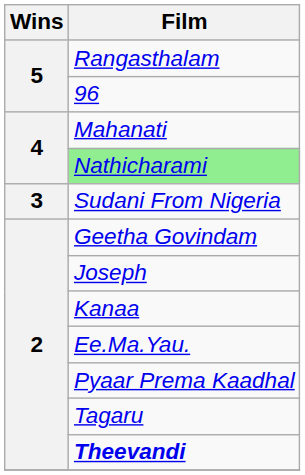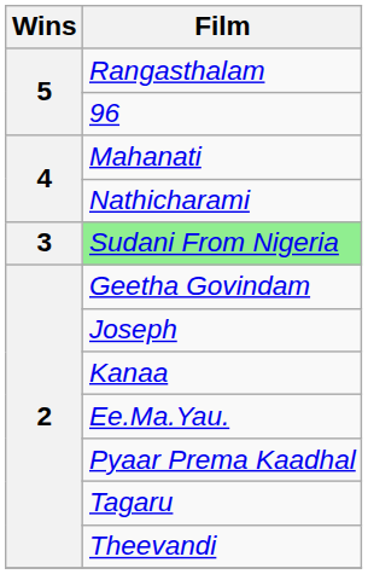 <table class="wikitable">
 <tr>
 <th>Wins</th>
 <th>Film</th>
 </tr>
 <tr>
 <th scope=row rowspan=2>5</th>
 <td><em><a href='#'>Rangasthalam</a></em></td>
 </tr>
 <tr>
 <td><em><a href='#'>96</a></em></td>
 </tr>
 <tr>
 <th scope=row rowspan=2>4</th>
 <td><em><a href='#'>Mahanati</a></em></td>
 </tr>
 <tr>
-<td style="background: lightgreen;"><em><a href='#'>Nathicharami</a></em></td>
+<td><em><a href='#'>Nathicharami</a></em></td>
 </tr>
 <tr>
 <th scope=row rowspan=1>3</th>
-<td><em><a href='#'>Sudani From Nigeria</a></em></td>
+<td style="background: lightgreen;"><em><a href='#'>Sudani From Nigeria</a></em></td>
 </tr>
 <tr>
 <th scope=row rowspan=7>2</th>
 <td><em><a href='#'>Geetha Govindam</a></em></td>
 </tr>
 <tr>
 <td><em><a href='#'>Joseph</a></em></td>
 </tr>
 <tr>
 <td><em><a href='#'>Kanaa</a></em></td>
 </tr>
 <tr>
 <td><em><a href='#'>Ee.Ma.Yau.</a></em></td>
 </tr>
 <tr>
 <td><em><a href='#'>Pyaar Prema Kaadhal</a></em></td>
 </tr>
 <tr>
 <td><em><a href='#'>Tagaru</a></em></td>
 </tr>
 <tr>
-<td><strong><em><a href='#'>Theevandi</a></em></strong></td>
+<td><em><a href='#'>Theevandi</a></em></td>
 </tr>
 <tr>
 </tr>
 </table>
